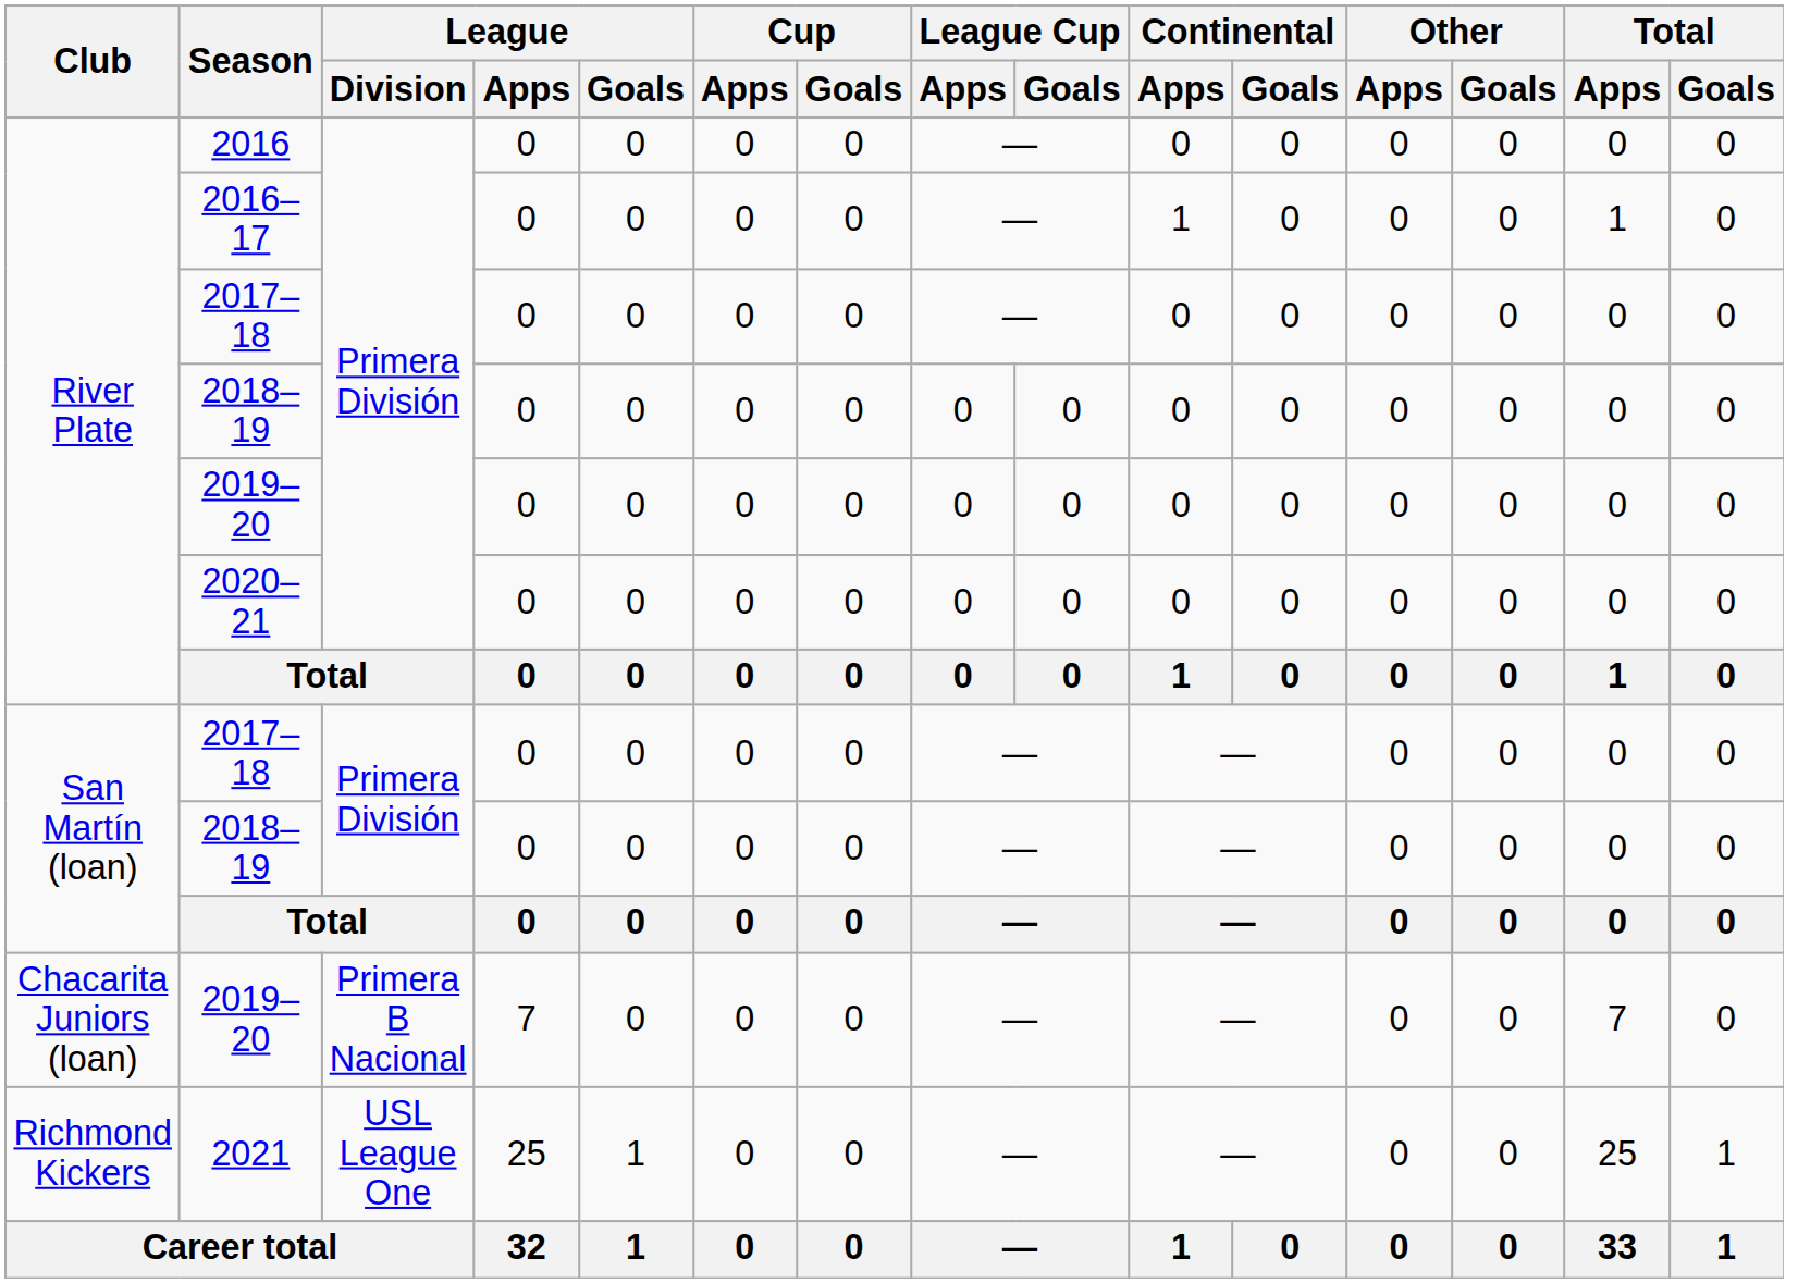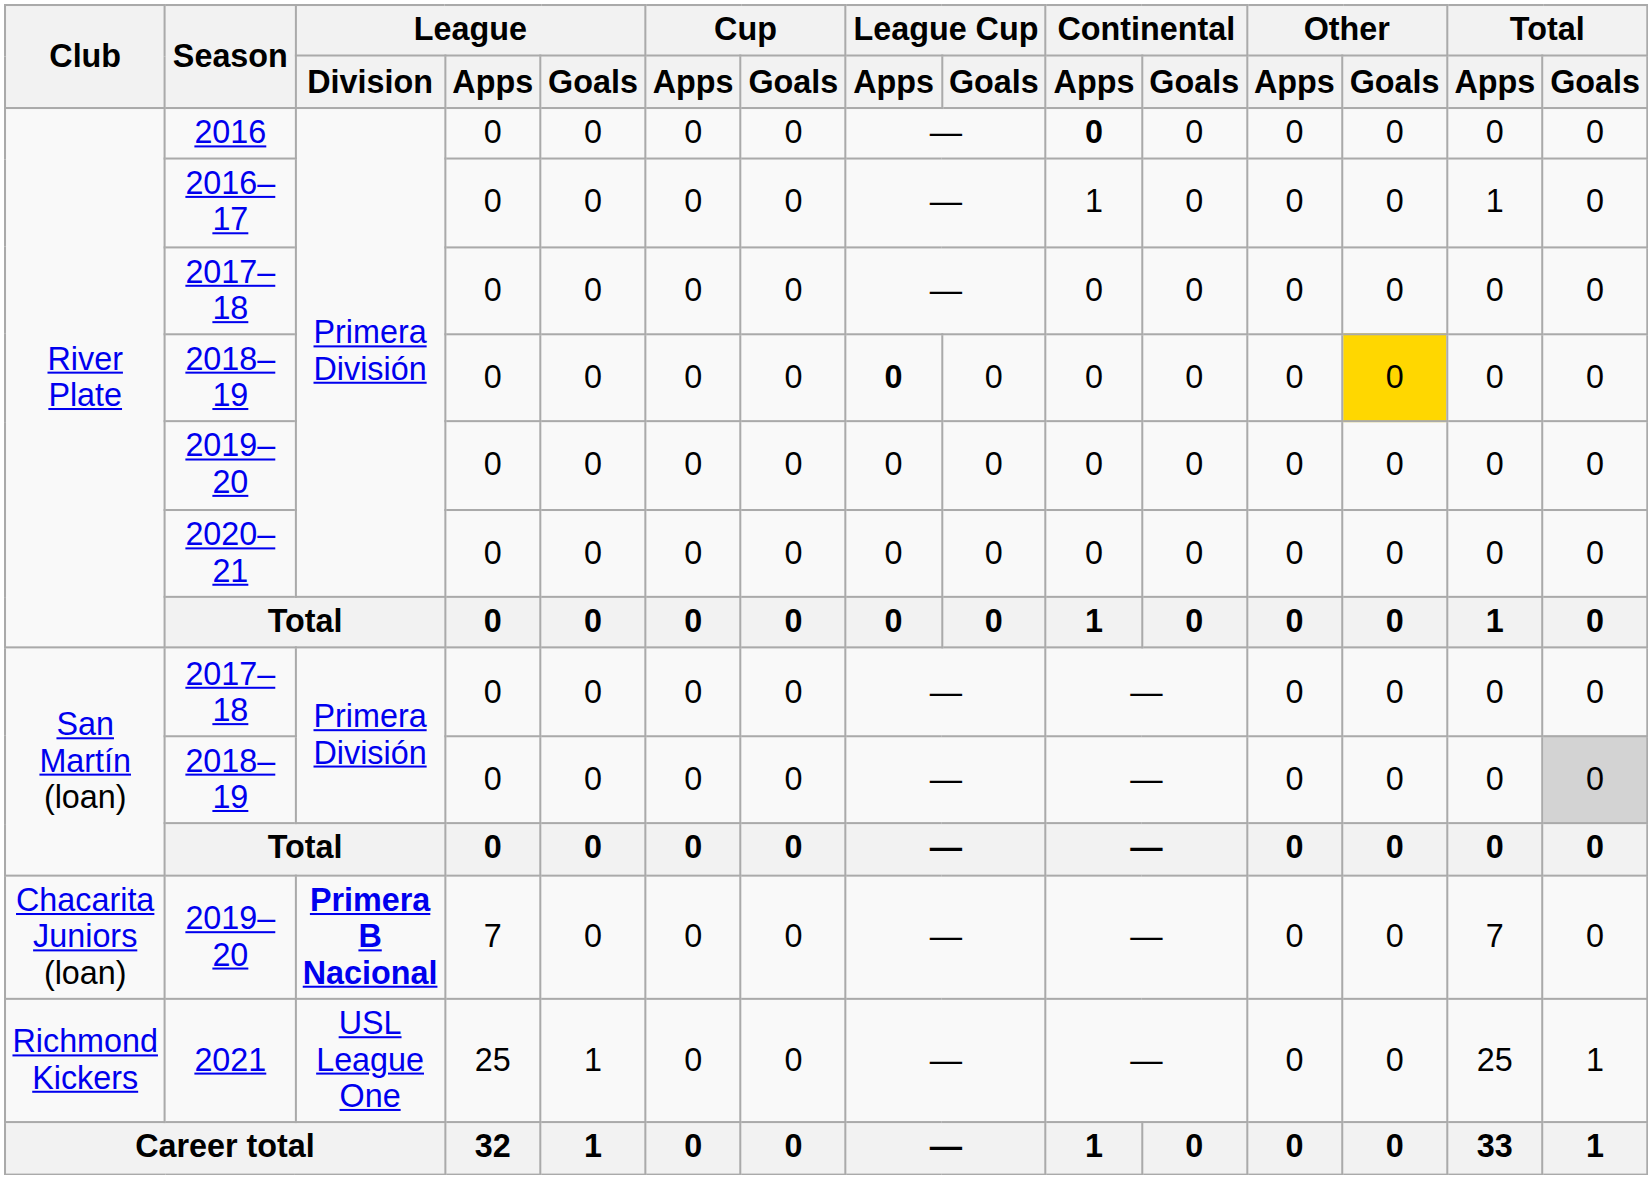 <table class="wikitable" style="text-align:center">
 <tr>
 <th rowspan="2">Club</th>
 <th rowspan="2">Season</th>
 <th colspan="3">League</th>
 <th colspan="2">Cup</th>
 <th colspan="2">League Cup</th>
 <th colspan="2">Continental</th>
 <th colspan="2">Other</th>
 <th colspan="2">Total</th>
 </tr>
 <tr>
 <th>Division</th>
 <th>Apps</th>
 <th>Goals</th>
 <th>Apps</th>
 <th>Goals</th>
 <th>Apps</th>
 <th>Goals</th>
 <th>Apps</th>
 <th>Goals</th>
 <th>Apps</th>
 <th>Goals</th>
 <th>Apps</th>
 <th>Goals</th>
 </tr>
 <tr>
 <td rowspan="7"><a href='#'>River Plate</a></td>
 <td><a href='#'>2016</a></td>
 <td rowspan="6"><a href='#'>Primera División</a></td>
 <td>0</td>
 <td>0</td>
 <td>0</td>
 <td>0</td>
 <td colspan="2">—</td>
-<td>0</td>
+<td><strong>0</strong></td>
 <td>0</td>
 <td>0</td>
 <td>0</td>
 <td>0</td>
 <td>0</td>
 </tr>
 <tr>
 <td><a href='#'>2016–17</a></td>
 <td>0</td>
 <td>0</td>
 <td>0</td>
 <td>0</td>
 <td colspan="2">—</td>
 <td>1</td>
 <td>0</td>
 <td>0</td>
 <td>0</td>
 <td>1</td>
 <td>0</td>
 </tr>
 <tr>
 <td><a href='#'>2017–18</a></td>
 <td>0</td>
 <td>0</td>
 <td>0</td>
 <td>0</td>
 <td colspan="2">—</td>
 <td>0</td>
 <td>0</td>
 <td>0</td>
 <td>0</td>
 <td>0</td>
 <td>0</td>
 </tr>
 <tr>
 <td><a href='#'>2018–19</a></td>
 <td>0</td>
 <td>0</td>
 <td>0</td>
 <td>0</td>
+<td><strong>0</strong></td>
 <td>0</td>
 <td>0</td>
 <td>0</td>
 <td>0</td>
-<td>0</td>
-<td>0</td>
+<td style="background: gold;">0</td>
 <td>0</td>
 <td>0</td>
 </tr>
 <tr>
 <td><a href='#'>2019–20</a></td>
 <td>0</td>
 <td>0</td>
 <td>0</td>
 <td>0</td>
 <td>0</td>
 <td>0</td>
 <td>0</td>
 <td>0</td>
 <td>0</td>
 <td>0</td>
 <td>0</td>
 <td>0</td>
 </tr>
 <tr>
 <td><a href='#'>2020–21</a></td>
 <td>0</td>
 <td>0</td>
 <td>0</td>
 <td>0</td>
 <td>0</td>
 <td>0</td>
 <td>0</td>
 <td>0</td>
 <td>0</td>
 <td>0</td>
 <td>0</td>
 <td>0</td>
 </tr>
 <tr>
 <th colspan="2">Total</th>
 <th>0</th>
 <th>0</th>
 <th>0</th>
 <th>0</th>
 <th>0</th>
 <th>0</th>
 <th>1</th>
 <th>0</th>
 <th>0</th>
 <th>0</th>
 <th>1</th>
 <th>0</th>
 </tr>
 <tr>
 <td rowspan="3"><a href='#'>San Martín</a> (loan)</td>
 <td><a href='#'>2017–18</a></td>
 <td rowspan="2"><a href='#'>Primera División</a></td>
 <td>0</td>
 <td>0</td>
 <td>0</td>
 <td>0</td>
 <td colspan="2">—</td>
 <td colspan="2">—</td>
 <td>0</td>
 <td>0</td>
 <td>0</td>
 <td>0</td>
 </tr>
 <tr>
 <td><a href='#'>2018–19</a></td>
 <td>0</td>
 <td>0</td>
 <td>0</td>
 <td>0</td>
 <td colspan="2">—</td>
 <td colspan="2">—</td>
 <td>0</td>
 <td>0</td>
 <td>0</td>
-<td>0</td>
+<td style="background: lightgrey;">0</td>
 </tr>
 <tr>
 <th colspan="2">Total</th>
 <th>0</th>
 <th>0</th>
 <th>0</th>
 <th>0</th>
 <th colspan="2">—</th>
 <th colspan="2">—</th>
 <th>0</th>
 <th>0</th>
 <th>0</th>
 <th>0</th>
 </tr>
 <tr>
 <td rowspan="1"><a href='#'>Chacarita Juniors</a> (loan)</td>
 <td><a href='#'>2019–20</a></td>
-<td rowspan="1"><a href='#'>Primera B Nacional</a></td>
+<td rowspan="1"><strong><a href='#'>Primera B Nacional</a></strong></td>
 <td>7</td>
 <td>0</td>
 <td>0</td>
 <td>0</td>
 <td colspan="2">—</td>
 <td colspan="2">—</td>
 <td>0</td>
 <td>0</td>
 <td>7</td>
 <td>0</td>
 </tr>
 <tr>
 <td rowspan="1"><a href='#'>Richmond Kickers</a></td>
 <td><a href='#'>2021</a></td>
 <td rowspan="1"><a href='#'>USL League One</a></td>
 <td>25</td>
 <td>1</td>
 <td>0</td>
 <td>0</td>
 <td colspan="2">—</td>
 <td colspan="2">—</td>
 <td>0</td>
 <td>0</td>
 <td>25</td>
 <td>1</td>
 </tr>
 <tr>
 <th colspan="3">Career total</th>
 <th>32</th>
 <th>1</th>
 <th>0</th>
 <th>0</th>
 <th colspan="2">—</th>
 <th>1</th>
 <th>0</th>
 <th>0</th>
 <th>0</th>
 <th>33</th>
 <th>1</th>
 </tr>
 </table>
